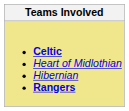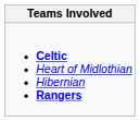 <table class="wikitable">
 <tr>
 <th>Teams Involved</th>
 </tr>
 <tr>
-<td valign=top style="background: khaki;"><br><ul><li><strong><a href='#'>Celtic</a></strong></li><li><em><a href='#'>Heart of Midlothian</a></em></li><li><em><a href='#'>Hibernian</a></em></li><li><strong><a href='#'>Rangers</a></strong></li></ul></td>
+<td valign=top><br><ul><li><strong><a href='#'>Celtic</a></strong></li><li><em><a href='#'>Heart of Midlothian</a></em></li><li><em><a href='#'>Hibernian</a></em></li><li><strong><a href='#'>Rangers</a></strong></li></ul></td>
 </tr>
 </table>
